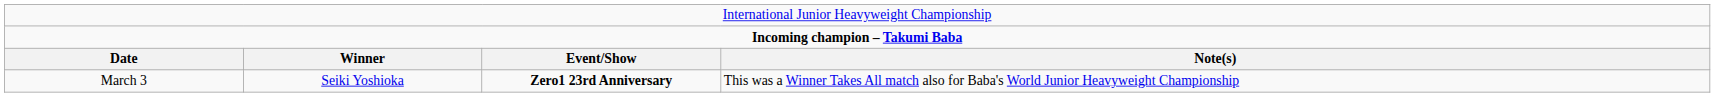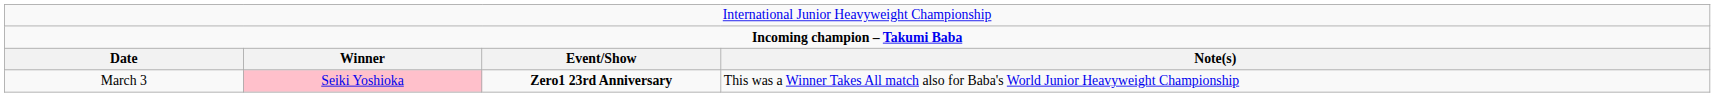 <table class="wikitable" style="text-align:center; width:100%;">
 <tr>
 <td colspan="4" style="text-align: center;"><a href='#'>International Junior Heavyweight Championship</a></td>
 </tr>
 <tr>
 <td colspan="4" style="text-align: center;"><strong>Incoming champion – <a href='#'>Takumi Baba</a></strong></td>
 </tr>
 <tr>
 <th width=14%>Date</th>
 <th width=14%>Winner</th>
 <th width=14%>Event/Show</th>
 <th width=58%>Note(s)</th>
 </tr>
 <tr>
 <td>March 3<br></td>
-<td><a href='#'>Seiki Yoshioka</a></td>
+<td style="background: pink;"><a href='#'>Seiki Yoshioka</a></td>
 <td><strong>Zero1 23rd Anniversary</strong></td>
 <td align=left>This was a <a href='#'>Winner Takes All match</a> also for Baba's <a href='#'>World Junior Heavyweight Championship</a></td>
 </tr>
 </table>
